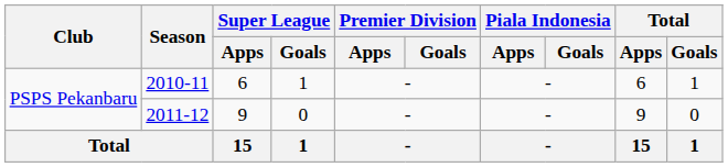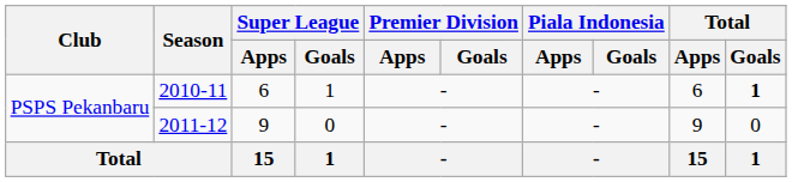 <table class="wikitable" style="font-size:90%; text-align:center;">
 <tr>
 <th rowspan="2">Club</th>
 <th rowspan="2">Season</th>
 <th colspan="2"><a href='#'>Super League</a></th>
 <th colspan="2"><a href='#'>Premier Division</a></th>
 <th colspan="2"><a href='#'>Piala Indonesia</a></th>
 <th colspan="2">Total</th>
 </tr>
 <tr>
 <th>Apps</th>
 <th>Goals</th>
 <th>Apps</th>
 <th>Goals</th>
 <th>Apps</th>
 <th>Goals</th>
 <th>Apps</th>
 <th>Goals</th>
 </tr>
 <tr>
 <td rowspan="2"><a href='#'>PSPS Pekanbaru</a></td>
 <td><a href='#'>2010-11</a></td>
 <td>6</td>
 <td>1</td>
 <td colspan="2">-</td>
 <td colspan="2">-</td>
 <td>6</td>
-<td>1</td>
+<td><strong>1</strong></td>
 </tr>
 <tr>
 <td><a href='#'>2011-12</a></td>
 <td>9</td>
 <td>0</td>
 <td colspan="2">-</td>
 <td colspan="2">-</td>
 <td>9</td>
 <td>0</td>
 </tr>
 <tr>
 <th colspan="2">Total</th>
 <th>15</th>
 <th>1</th>
 <th colspan="2">-</th>
 <th colspan="2">-</th>
 <th>15</th>
 <th>1</th>
 </tr>
 </table>
